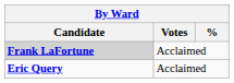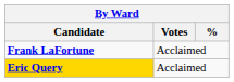 <table class="wikitable">
 <tr>
 <th colspan="3"><a href='#'>By Ward</a></th>
 </tr>
 <tr>
 <th style="width: 200px">Candidate</th>
 <th style="width: 50px">Votes</th>
 <th style="width: 40px">%</th>
 </tr>
 <tr>
-<td style="background: lightgrey;"><strong><a href='#'>Frank LaFortune</a></strong></td>
+<td><strong><a href='#'>Frank LaFortune</a></strong></td>
 <td colspan="2">Acclaimed</td>
 </tr>
 <tr>
-<td><strong><a href='#'>Eric Query</a></strong></td>
+<td style="background: gold;"><strong><a href='#'>Eric Query</a></strong></td>
 <td colspan="2">Acclaimed</td>
 </tr>
 </table>
